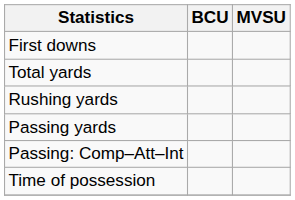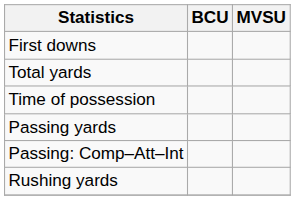 <table class="wikitable" style="float: left;">
 <tr>
 <th>Statistics</th>
 <th>BCU</th>
 <th>MVSU</th>
 </tr>
 <tr>
 <td>First downs</td>
 <td></td>
 <td></td>
 </tr>
 <tr>
 <td>Total yards</td>
 <td></td>
 <td></td>
 </tr>
 <tr>
-<td>Rushing yards</td>
+<td>Time of possession</td>
 <td></td>
 <td></td>
 </tr>
 <tr>
 <td>Passing yards</td>
 <td></td>
 <td></td>
 </tr>
 <tr>
 <td>Passing: Comp–Att–Int</td>
 <td></td>
 <td></td>
 </tr>
 <tr>
-<td>Time of possession</td>
+<td>Rushing yards</td>
 <td></td>
 <td></td>
 </tr>
 <tr>
 </tr>
 </table>
